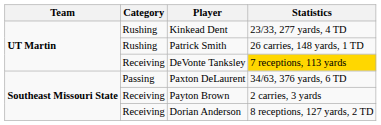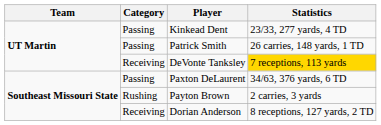 <table class="wikitable" style="float: right;">
 <tr>
 <th>Team</th>
 <th>Category</th>
 <th>Player</th>
 <th>Statistics</th>
 </tr>
 <tr>
 <td rowspan=3><strong>UT Martin</strong></td>
-<td>Rushing</td>
+<td>Passing</td>
 <td>Kinkead Dent</td>
 <td>23/33, 277 yards, 4 TD</td>
 </tr>
 <tr>
-<td>Rushing</td>
+<td>Passing</td>
 <td>Patrick Smith</td>
 <td>26 carries, 148 yards, 1 TD</td>
 </tr>
 <tr>
 <td>Receiving</td>
 <td>DeVonte Tanksley</td>
 <td style="background: gold;">7 receptions, 113 yards</td>
 </tr>
 <tr>
 <td rowspan=3><strong>Southeast Missouri State</strong></td>
 <td>Passing</td>
 <td>Paxton DeLaurent</td>
 <td>34/63, 376 yards, 6 TD</td>
 </tr>
 <tr>
-<td>Receiving</td>
+<td>Rushing</td>
 <td>Payton Brown</td>
 <td>2 carries, 3 yards</td>
 </tr>
 <tr>
 <td>Receiving</td>
 <td>Dorian Anderson</td>
 <td>8 receptions, 127 yards, 2 TD</td>
 </tr>
 </table>
